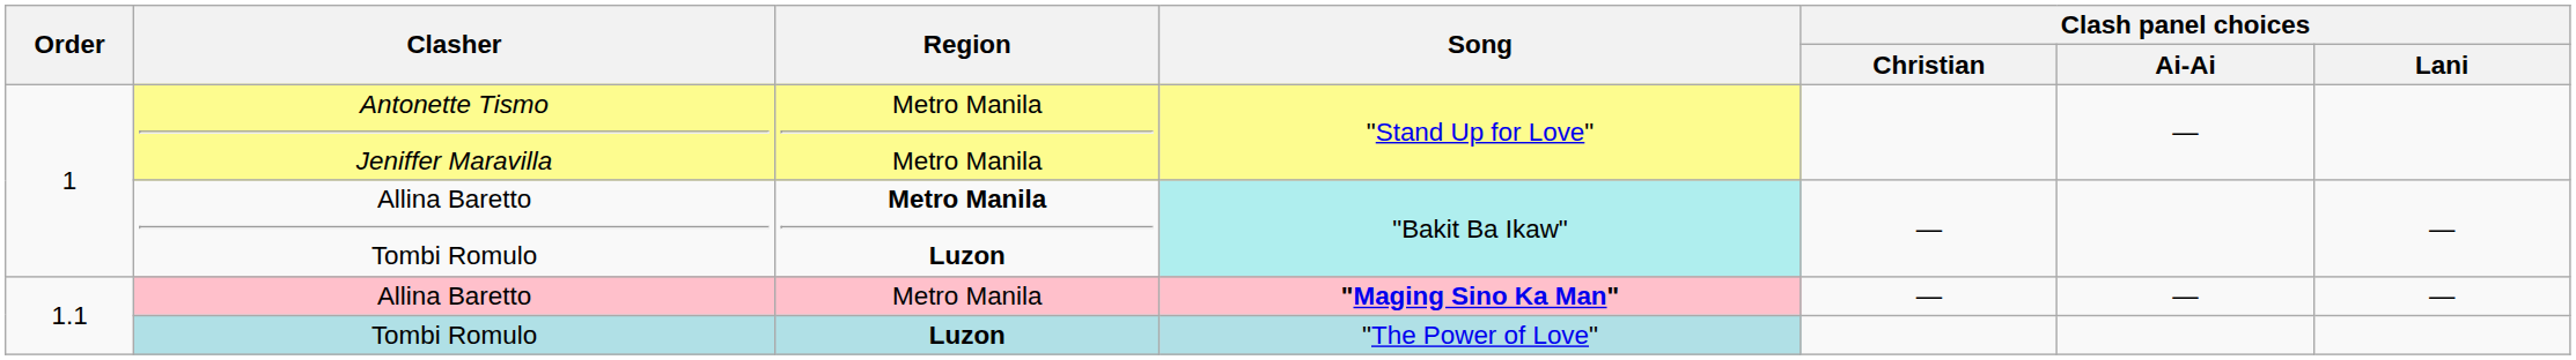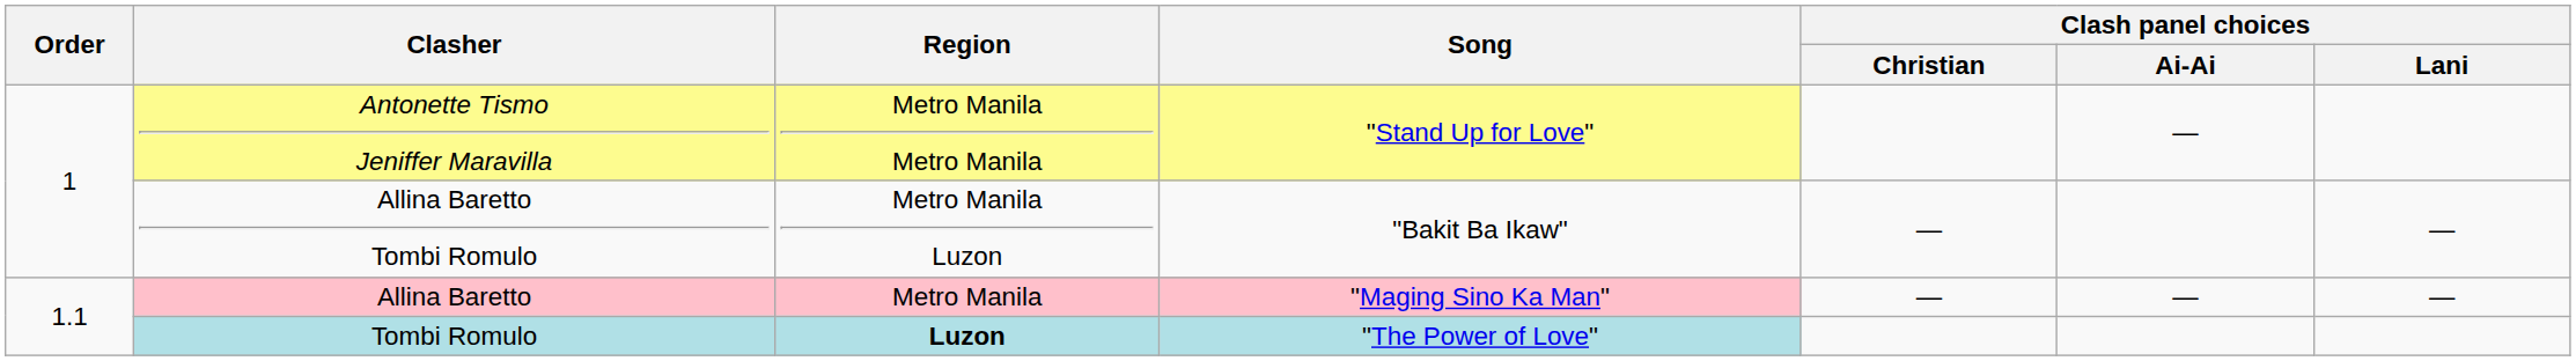 <table class="wikitable" style="text-align:center; line-height:17px; width:100%;">
 <tr>
 <th rowspan="2" width="5%">Order</th>
 <th rowspan="2" width="25%">Clasher</th>
 <th rowspan="2">Region</th>
 <th rowspan="2" width="25%">Song</th>
 <th colspan="3" width="30%">Clash panel choices</th>
 </tr>
 <tr>
 <th width="10%">Christian</th>
 <th width="10%">Ai-Ai</th>
 <th width="10%">Lani</th>
 </tr>
 <tr>
 <td rowspan="2">1</td>
 <td style="background:#fdfc8f;"><em>Antonette Tismo</em><hr><em>Jeniffer Maravilla</em></td>
 <td style="background:#fdfc8f;">Metro Manila<hr>Metro Manila</td>
 <td style="background:#fdfc8f;">"<a href='#'>Stand Up for Love</a>"</td>
 <td><strong></strong></td>
 <td>—</td>
 <td><strong></strong></td>
 </tr>
 <tr>
 <td>Allina Baretto<hr>Tombi Romulo</td>
-<td><strong>Metro Manila<hr>Luzon</strong></td>
-<td style="background: paleturquoise;">"Bakit Ba Ikaw"</td>
+<td>Metro Manila<hr>Luzon</td>
+<td>"Bakit Ba Ikaw"</td>
 <td>—</td>
 <td><strong></strong></td>
 <td>—</td>
 </tr>
 <tr>
 <td rowspan="2">1.1</td>
 <td style="background:pink;">Allina Baretto</td>
 <td style="background:pink;">Metro Manila</td>
-<td style="background:pink;"><strong>"<a href='#'>Maging Sino Ka Man</a>"</strong></td>
+<td style="background:pink;">"<a href='#'>Maging Sino Ka Man</a>"</td>
 <td>—</td>
 <td>—</td>
 <td>—</td>
 </tr>
 <tr>
 <td style="background:#b0e0e6;">Tombi Romulo</td>
 <td style="background:#b0e0e6;"><strong>Luzon</strong></td>
 <td style="background:#b0e0e6;">"<a href='#'>The Power of Love</a>"</td>
 <td><strong></strong></td>
 <td><strong></strong></td>
 <td><strong></strong></td>
 </tr>
 </table>
